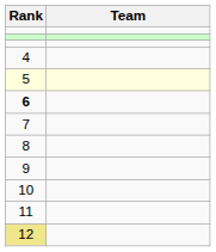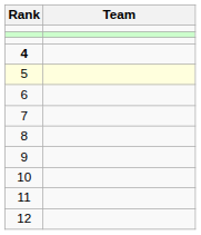 <table class="wikitable" style="text-align: center;">
 <tr>
 <th width=40>Rank</th>
 <th width=180>Team</th>
 </tr>
 <tr>
 <td></td>
 <td align=left></td>
 </tr>
 <tr bgcolor=#CCFFCC>
 <td></td>
 <td align=left></td>
 </tr>
 <tr>
 <td></td>
 <td align=left></td>
 </tr>
 <tr>
-<td>4</td>
+<td><strong>4</strong></td>
 <td align=left></td>
 </tr>
 <tr bgcolor=#FFFFDD>
 <td>5</td>
 <td align=left></td>
 </tr>
 <tr>
-<td><strong>6</strong></td>
+<td>6</td>
 <td align=left></td>
 </tr>
 <tr>
 <td>7</td>
 <td align=left></td>
 </tr>
 <tr>
 <td>8</td>
 <td align=left></td>
 </tr>
 <tr>
 <td>9</td>
 <td align=left></td>
 </tr>
 <tr>
 <td>10</td>
 <td align=left></td>
 </tr>
 <tr>
 <td>11</td>
 <td align=left></td>
 </tr>
 <tr>
-<td style="background: khaki;">12</td>
+<td>12</td>
 <td align=left></td>
 </tr>
 </table>
